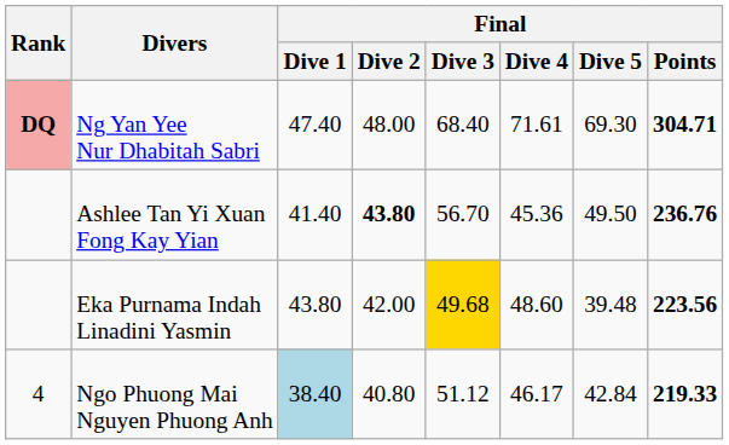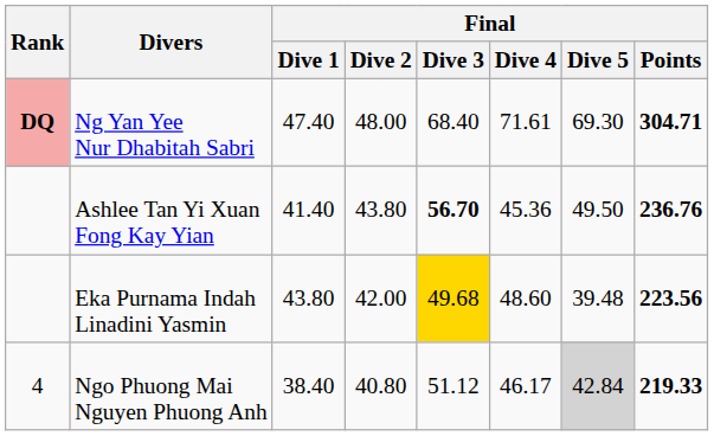 <table class="wikitable sortable"  style="text-align:center">
 <tr>
 <th rowspan="2" data-sort-type=number>Rank</th>
 <th rowspan="2">Divers</th>
 <th colspan="7">Final</th>
 </tr>
 <tr>
 <th>Dive 1</th>
 <th>Dive 2</th>
 <th>Dive 3</th>
 <th>Dive 4</th>
 <th>Dive 5</th>
 <th>Points</th>
 </tr>
 <tr>
 <td style="background:#F5A9A9;"><strong>DQ</strong></td>
 <td align="left"><br><a href='#'>Ng Yan Yee</a><br><a href='#'>Nur Dhabitah Sabri</a></td>
 <td>47.40</td>
 <td>48.00</td>
 <td>68.40</td>
 <td>71.61</td>
 <td>69.30</td>
 <td><strong>304.71</strong></td>
 </tr>
 <tr>
 <td></td>
 <td align="left"><br>Ashlee Tan Yi Xuan<br><a href='#'>Fong Kay Yian</a></td>
 <td>41.40</td>
-<td><strong>43.80</strong></td>
-<td>56.70</td>
+<td>43.80</td>
+<td><strong>56.70</strong></td>
 <td>45.36</td>
 <td>49.50</td>
 <td><strong>236.76</strong></td>
 </tr>
 <tr>
 <td></td>
 <td align="left"><br>Eka Purnama Indah<br>Linadini Yasmin</td>
 <td>43.80</td>
 <td>42.00</td>
 <td style="background: gold;">49.68</td>
 <td>48.60</td>
 <td>39.48</td>
 <td><strong>223.56</strong></td>
 </tr>
 <tr>
 <td>4</td>
 <td align="left"><br>Ngo Phuong Mai<br>Nguyen Phuong Anh</td>
-<td style="background: lightblue;">38.40</td>
+<td>38.40</td>
 <td>40.80</td>
 <td>51.12</td>
 <td>46.17</td>
-<td>42.84</td>
+<td style="background: lightgrey;">42.84</td>
 <td><strong>219.33</strong></td>
 </tr>
 </table>
